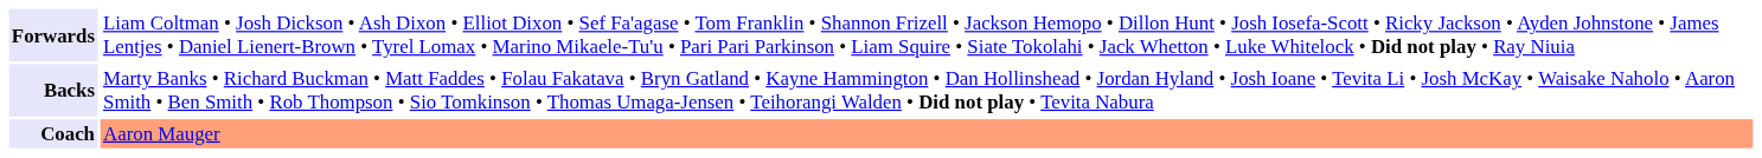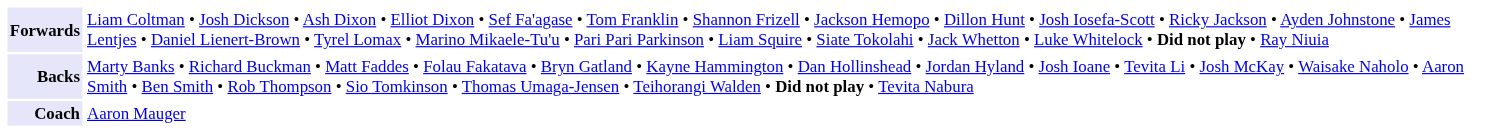 <table cellpadding="2" style="border: 1px solid white; font-size:90%;">
 <tr>
 <td style="text-align:right;" bgcolor="lavender"><strong>Forwards</strong></td>
 <td style="text-align:left;"><a href='#'>Liam Coltman</a> • <a href='#'>Josh Dickson</a> • <a href='#'>Ash Dixon</a> • <a href='#'>Elliot Dixon</a> • <a href='#'>Sef Fa'agase</a> • <a href='#'>Tom Franklin</a> • <a href='#'>Shannon Frizell</a> • <a href='#'>Jackson Hemopo</a> • <a href='#'>Dillon Hunt</a> • <a href='#'>Josh Iosefa-Scott</a> • <a href='#'>Ricky Jackson</a> • <a href='#'>Ayden Johnstone</a> • <a href='#'>James Lentjes</a> • <a href='#'>Daniel Lienert-Brown</a> • <a href='#'>Tyrel Lomax</a> • <a href='#'>Marino Mikaele-Tu'u</a> • <a href='#'>Pari Pari Parkinson</a> • <a href='#'>Liam Squire</a> • <a href='#'>Siate Tokolahi</a> • <a href='#'>Jack Whetton</a> • <a href='#'>Luke Whitelock</a> • <strong>Did not play</strong> • <a href='#'>Ray Niuia</a></td>
 </tr>
 <tr>
 <td style="text-align:right;" bgcolor="lavender"><strong>Backs</strong></td>
 <td style="text-align:left;"><a href='#'>Marty Banks</a> • <a href='#'>Richard Buckman</a> • <a href='#'>Matt Faddes</a> • <a href='#'>Folau Fakatava</a> • <a href='#'>Bryn Gatland</a> • <a href='#'>Kayne Hammington</a> • <a href='#'>Dan Hollinshead</a> • <a href='#'>Jordan Hyland</a> • <a href='#'>Josh Ioane</a> • <a href='#'>Tevita Li</a> • <a href='#'>Josh McKay</a> • <a href='#'>Waisake Naholo</a> • <a href='#'>Aaron Smith</a> • <a href='#'>Ben Smith</a> • <a href='#'>Rob Thompson</a> • <a href='#'>Sio Tomkinson</a> • <a href='#'>Thomas Umaga-Jensen</a> • <a href='#'>Teihorangi Walden</a> • <strong>Did not play</strong> • <a href='#'>Tevita Nabura</a></td>
 </tr>
 <tr>
 <td style="text-align:right;" bgcolor="lavender"><strong>Coach</strong></td>
-<td style="background: lightsalmon; text-align:left;"><a href='#'>Aaron Mauger</a></td>
+<td style="text-align:left;"><a href='#'>Aaron Mauger</a></td>
 </tr>
 </table>
